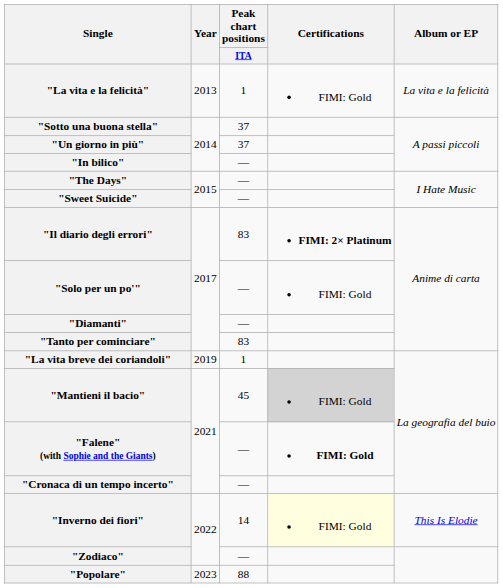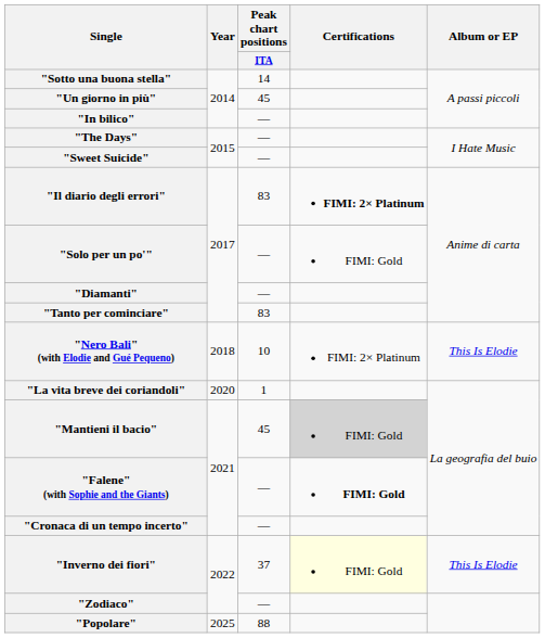 <table class="wikitable plainrowheaders" style="text-align:center;" border="1">
 <tr>
 <th scope="col" rowspan="2" style="width:16em;">Single</th>
 <th scope="col" rowspan="2">Year</th>
 <th scope="col">Peak chart positions</th>
 <th scope="col" rowspan="2">Certifications</th>
 <th scope="col" rowspan="2">Album or EP</th>
 </tr>
 <tr>
 <th scope="col" style="width:3em;font-size:85%;"><a href='#'>ITA</a><br></th>
 </tr>
 <tr>
-<th scope="row">"La vita e la felicità"</th>
-<td>2013</td>
-<td>1</td>
-<td><br><ul><li>FIMI: Gold</li></ul></td>
-<td><em>La vita e la felicità</em></td>
-</tr>
-<tr>
 <th scope="row">"Sotto una buona stella"</th>
 <td rowspan="3">2014</td>
-<td>37</td>
+<td>14<br></td>
 <td></td>
 <td rowspan="3"><em>A passi piccoli</em></td>
 </tr>
 <tr>
 <th scope="row">"Un giorno in più"</th>
-<td>37</td>
+<td>45</td>
 <td></td>
 </tr>
 <tr>
 <th scope="row">"In bilico"</th>
 <td>—</td>
 <td></td>
 </tr>
 <tr>
 <th scope="row">"The Days"</th>
 <td rowspan="2">2015</td>
 <td>—</td>
 <td></td>
 <td rowspan="2"><em>I Hate Music</em></td>
 </tr>
 <tr>
 <th scope="row">"Sweet Suicide"</th>
 <td>—</td>
 <td></td>
 </tr>
 <tr>
 <th scope="row">"Il diario degli errori"</th>
 <td rowspan="4">2017</td>
 <td>83<br></td>
 <td><strong><br><ul><li>FIMI: 2× Platinum</li></ul></strong></td>
 <td rowspan="4"><em>Anime di carta</em></td>
 </tr>
 <tr>
 <th scope="row">"Solo per un po'"</th>
 <td>—</td>
 <td><br><ul><li>FIMI: Gold</li></ul></td>
 </tr>
 <tr>
 <th scope="row">"Diamanti"</th>
 <td>—</td>
 <td></td>
 </tr>
 <tr>
 <th scope="row">"Tanto per cominciare"</th>
 <td>83<br></td>
 <td></td>
 </tr>
 <tr>
+<th scope="row">"<a href='#'>Nero Bali</a>"<br><small>(with <a href='#'>Elodie</a> and <a href='#'>Gué Pequeno</a>)</small></th>
+<td rowspan="1">2018</td>
+<td>10</td>
+<td><br><ul><li>FIMI: 2× Platinum</li></ul></td>
+<td rowspan="1"><em><a href='#'>This Is Elodie</a></em></td>
+</tr>
+<tr>
 <th scope="row">"La vita breve dei coriandoli"</th>
-<td rowspan="1">2019</td>
+<td rowspan="1">2020</td>
 <td>1</td>
 <td></td>
 <td rowspan="4"><em>La geografia del buio</em></td>
 </tr>
 <tr>
 <th scope="row">"Mantieni il bacio"</th>
 <td rowspan="3">2021</td>
 <td>45</td>
 <td style="background: lightgrey;"><br><ul><li>FIMI: Gold</li></ul></td>
 </tr>
 <tr>
 <th scope="row">"Falene"<br><small>(with <a href='#'>Sophie and the Giants</a>)</small></th>
 <td>—</td>
 <td><strong><br><ul><li>FIMI: Gold</li></ul></strong></td>
 </tr>
 <tr>
 <th scope="row">"Cronaca di un tempo incerto"</th>
 <td>—</td>
 <td></td>
 </tr>
 <tr>
 <th scope="row">"Inverno dei fiori"</th>
 <td rowspan="2">2022</td>
-<td>14<br></td>
+<td>37</td>
 <td style="background: lightyellow;"><br><ul><li>FIMI: Gold</li></ul></td>
 <td rowspan="1"><em><a href='#'>This Is Elodie</a></em></td>
 </tr>
 <tr>
 <th scope="row">"Zodiaco"</th>
 <td>—</td>
 <td></td>
 </tr>
 <tr>
 <th scope="row">"Popolare"<br></th>
-<td>2023</td>
+<td>2025</td>
 <td>88</td>
 <td></td>
 </tr>
 </table>
